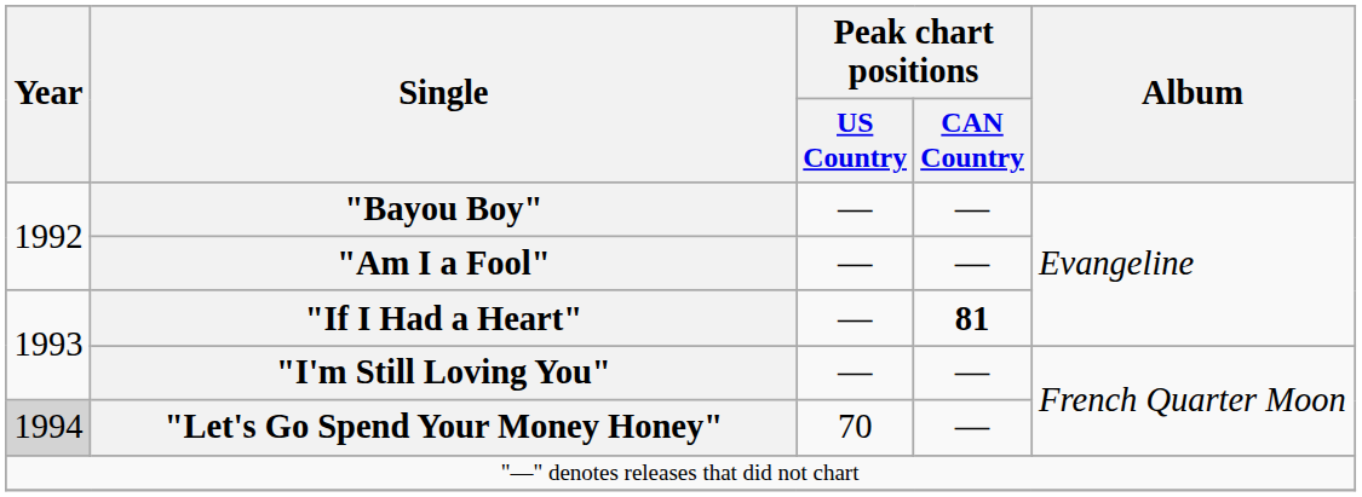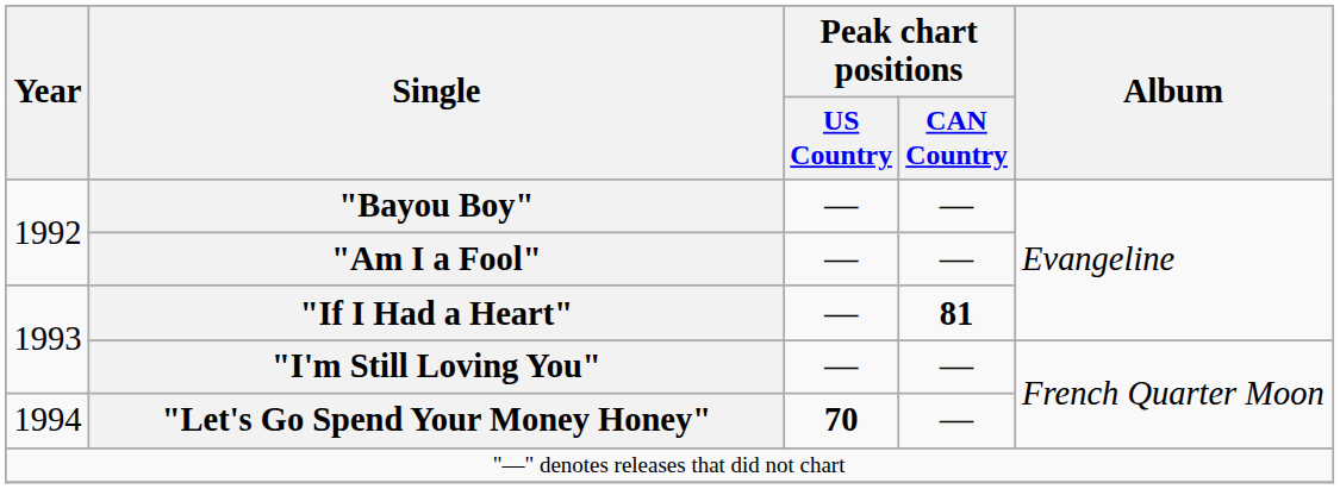 <table class="wikitable plainrowheaders" style="text-align:center;">
 <tr>
 <th rowspan="2">Year</th>
 <th rowspan="2" style="width:20em;">Single</th>
 <th colspan="2">Peak chart<br>positions</th>
 <th rowspan="2">Album</th>
 </tr>
 <tr style="font-size:smaller;">
 <th width="45"><a href='#'>US Country</a></th>
 <th width="45"><a href='#'>CAN Country</a></th>
 </tr>
 <tr>
 <td rowspan="2">1992</td>
 <th scope="row">"Bayou Boy"</th>
 <td>—</td>
 <td>—</td>
 <td align="left" rowspan="3"><em>Evangeline</em></td>
 </tr>
 <tr>
 <th scope="row">"Am I a Fool"</th>
 <td>—</td>
 <td>—</td>
 </tr>
 <tr>
 <td rowspan="2">1993</td>
 <th scope="row">"If I Had a Heart"</th>
 <td>—</td>
 <td><strong>81</strong></td>
 </tr>
 <tr>
 <th scope="row">"I'm Still Loving You"</th>
 <td>—</td>
 <td>—</td>
 <td align="left" rowspan="2"><em>French Quarter Moon</em></td>
 </tr>
 <tr>
-<td style="background: lightgrey;">1994</td>
+<td>1994</td>
 <th scope="row">"Let's Go Spend Your Money Honey"</th>
-<td>70</td>
+<td><strong>70</strong></td>
 <td>—</td>
 </tr>
 <tr>
 <td colspan="5" style="font-size:8pt">"—" denotes releases that did not chart</td>
 </tr>
 <tr>
 </tr>
 </table>
